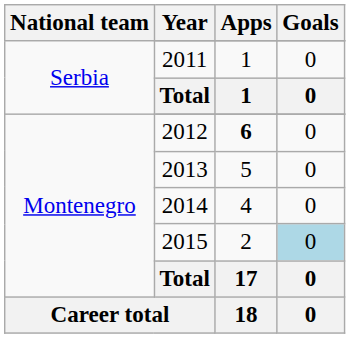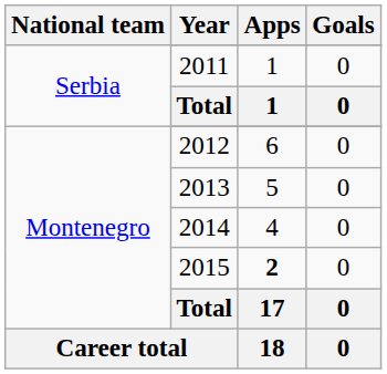 <table class="wikitable" style="text-align:center">
 <tr>
 <th>National team</th>
 <th>Year</th>
 <th>Apps</th>
 <th>Goals</th>
 </tr>
 <tr>
 <td rowspan=3><a href='#'>Serbia</a></td>
 </tr>
 <tr>
 <td>2011</td>
 <td>1</td>
 <td>0</td>
 </tr>
 <tr>
 <th>Total</th>
 <th>1</th>
 <th>0</th>
 </tr>
 <tr>
 <td rowspan=6><a href='#'>Montenegro</a></td>
 </tr>
 <tr>
 <td>2012</td>
-<td><strong>6</strong></td>
+<td>6</td>
 <td>0</td>
 </tr>
 <tr>
 <td>2013</td>
 <td>5</td>
 <td>0</td>
 </tr>
 <tr>
 <td>2014</td>
 <td>4</td>
 <td>0</td>
 </tr>
 <tr>
 <td>2015</td>
-<td>2</td>
-<td style="background: lightblue;">0</td>
+<td><strong>2</strong></td>
+<td>0</td>
 </tr>
 <tr>
 <th>Total</th>
 <th>17</th>
 <th>0</th>
 </tr>
 <tr>
 <th colspan=2>Career total</th>
 <th>18</th>
 <th>0</th>
 </tr>
 </table>
